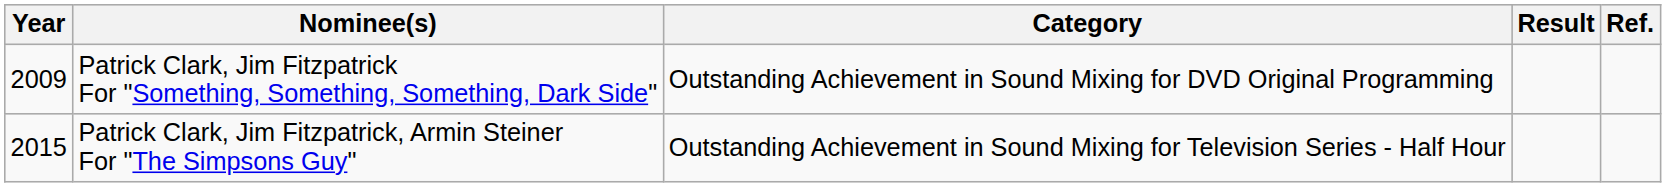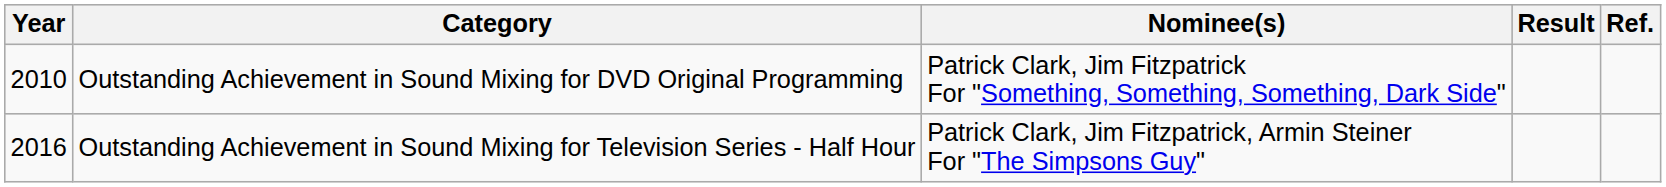 <table class="wikitable">
 <tr>
 <th>Year</th>
+<th>Category</th>
 <th>Nominee(s)</th>
-<th>Category</th>
 <th>Result</th>
 <th>Ref.</th>
 </tr>
 <tr>
-<td>2009</td>
+<td>2010</td>
+<td>Outstanding Achievement in Sound Mixing for DVD Original Programming</td>
 <td>Patrick Clark, Jim Fitzpatrick<br>For "<a href='#'>Something, Something, Something, Dark Side</a>"</td>
-<td>Outstanding Achievement in Sound Mixing for DVD Original Programming</td>
 <td></td>
 <td></td>
 </tr>
 <tr>
-<td>2015</td>
+<td>2016</td>
+<td>Outstanding Achievement in Sound Mixing for Television Series - Half Hour</td>
 <td>Patrick Clark, Jim Fitzpatrick, Armin Steiner<br>For "<a href='#'>The Simpsons Guy</a>"</td>
-<td>Outstanding Achievement in Sound Mixing for Television Series - Half Hour</td>
 <td></td>
 <td></td>
 </tr>
 </table>
